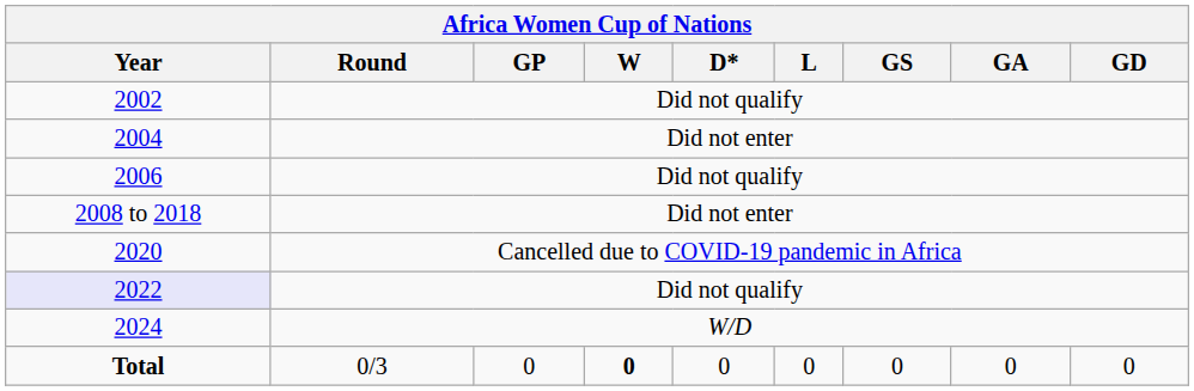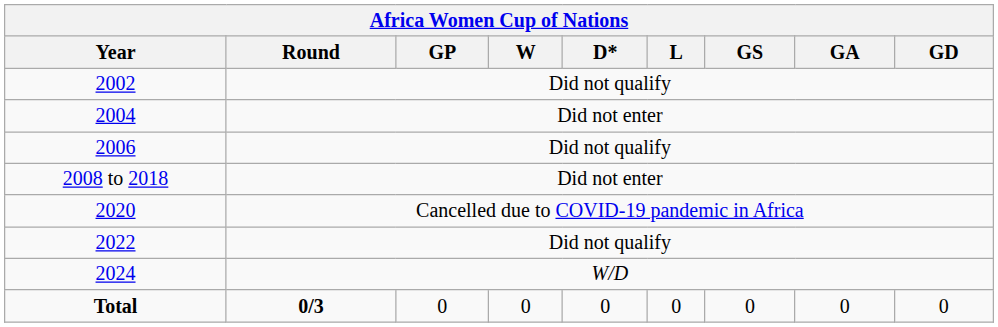 <table class="wikitable" style="text-align: center; width:50%;">
 <tr>
 <th colspan=10><a href='#'>Africa Women Cup of Nations</a></th>
 </tr>
 <tr>
 <th>Year</th>
 <th>Round</th>
 <th>GP</th>
 <th>W</th>
 <th>D*</th>
 <th>L</th>
 <th>GS</th>
 <th>GA</th>
 <th>GD</th>
 </tr>
 <tr>
 <td> <a href='#'>2002</a></td>
 <td colspan=8>Did not qualify</td>
 </tr>
 <tr>
 <td> <a href='#'>2004</a></td>
 <td colspan=8>Did not enter</td>
 </tr>
 <tr>
 <td> <a href='#'>2006</a></td>
 <td colspan=8>Did not qualify</td>
 </tr>
 <tr>
 <td> <a href='#'>2008</a> to  <a href='#'>2018</a></td>
 <td colspan=8>Did not enter</td>
 </tr>
 <tr>
 <td><a href='#'>2020</a></td>
 <td colspan=8>Cancelled due to <a href='#'>COVID-19 pandemic in Africa</a></td>
 </tr>
 <tr>
-<td style="background: lavender;"> <a href='#'>2022</a></td>
+<td> <a href='#'>2022</a></td>
 <td colspan=8>Did not qualify</td>
 </tr>
 <tr>
 <td> <a href='#'>2024</a></td>
 <td colspan=8><em>W/D</em></td>
 </tr>
 <tr>
 <td><strong>Total</strong></td>
-<td>0/3</td>
+<td><strong>0/3</strong></td>
 <td>0</td>
-<td><strong>0</strong></td>
+<td>0</td>
 <td>0</td>
 <td>0</td>
 <td>0</td>
 <td>0</td>
 <td>0</td>
 </tr>
 </table>
